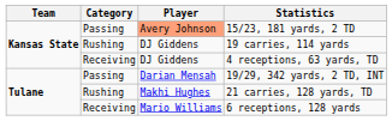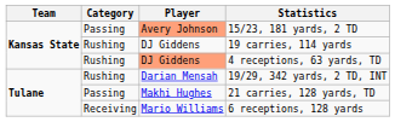 <table class="wikitable" style="float: right;">
 <tr>
 <th>Team</th>
 <th>Category</th>
 <th>Player</th>
 <th>Statistics</th>
 </tr>
 <tr>
 <td rowspan=3><strong>Kansas State</strong></td>
 <td>Passing</td>
 <td style="background: lightsalmon;">Avery Johnson</td>
 <td>15/23, 181 yards, 2 TD</td>
 </tr>
 <tr>
 <td>Rushing</td>
 <td>DJ Giddens</td>
 <td>19 carries, 114 yards</td>
 </tr>
 <tr>
-<td>Receiving</td>
-<td>DJ Giddens</td>
+<td>Rushing</td>
+<td style="background: lightsalmon;">DJ Giddens</td>
 <td>4 receptions, 63 yards, TD</td>
 </tr>
 <tr>
 <td rowspan=3><strong>Tulane</strong></td>
-<td>Passing</td>
+<td>Rushing</td>
 <td><a href='#'>Darian Mensah</a></td>
 <td>19/29, 342 yards, 2 TD, INT</td>
 </tr>
 <tr>
-<td>Rushing</td>
+<td>Passing</td>
 <td><a href='#'>Makhi Hughes</a></td>
 <td>21 carries, 128 yards, TD</td>
 </tr>
 <tr>
 <td>Receiving</td>
 <td><a href='#'>Mario Williams</a></td>
 <td>6 receptions, 128 yards</td>
 </tr>
 </table>
